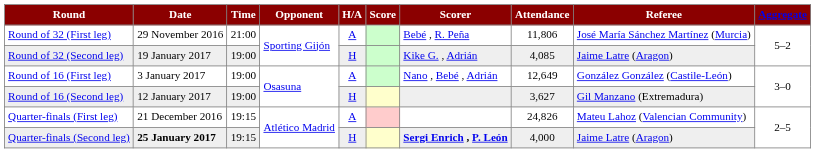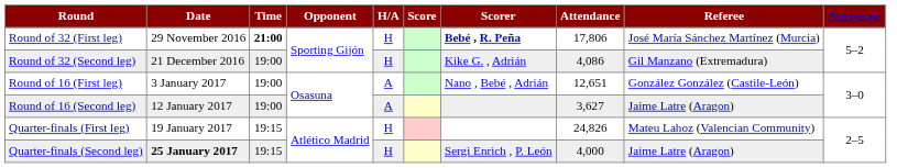 <table cellpadding="4" cellspacing="0" border="1" style="text-align: center; font-size: 85%; border: gray solid 1px; border-collapse: collapse;">
 <tr style="background:#8B0000; color:white;">
 <th>Round</th>
 <th>Date</th>
 <th>Time</th>
 <th>Opponent</th>
 <th>H/A</th>
 <th>Score</th>
 <th>Scorer</th>
 <th>Attendance</th>
 <th>Referee</th>
 <th><a href='#'>Aggregate</a></th>
 </tr>
 <tr bgcolor=>
 <td align="left"><a href='#'>Round of 32 (First leg)</a></td>
 <td align="left">29 November 2016</td>
-<td>21:00</td>
+<td><strong>21:00</strong></td>
 <td style="text-align:left;" rowspan="2"><a href='#'>Sporting Gijón</a></td>
-<td><a href='#'>A</a></td>
+<td><a href='#'>H</a></td>
 <td bgcolor="#CCFFCC"></td>
-<td align="left"><a href='#'>Bebé</a> , <a href='#'>R. Peña</a> </td>
-<td>11,806</td>
+<td align="left"><strong><a href='#'>Bebé</a> , <a href='#'>R. Peña</a> </strong></td>
+<td>17,806</td>
 <td align="left"><a href='#'>José María Sánchez Martínez</a> (<a href='#'>Murcia</a>)</td>
 <td style="text-align: center;" rowspan="2">5–2</td>
 </tr>
 <tr bgcolor="#EFEFEF">
 <td align="left"><a href='#'>Round of 32 (Second leg)</a></td>
-<td align="left">19 January 2017</td>
+<td align="left">21 December 2016</td>
 <td>19:00</td>
 <td><a href='#'>H</a></td>
 <td bgcolor="#CCFFCC"></td>
 <td align="left"><a href='#'>Kike G.</a> , <a href='#'>Adrián</a> </td>
-<td>4,085</td>
-<td align="left"><a href='#'>Jaime Latre</a> (<a href='#'>Aragon</a>)</td>
+<td>4,086</td>
+<td align="left"><a href='#'>Gil Manzano</a> (Extremadura)</td>
 </tr>
 <tr bgcolor=>
 <td align="left"><a href='#'>Round of 16 (First leg)</a></td>
 <td align="left">3 January 2017</td>
 <td>19:00</td>
 <td style="text-align:left;" rowspan="2"><a href='#'>Osasuna</a></td>
 <td><a href='#'>A</a></td>
 <td bgcolor="#CCFFCC"></td>
 <td align="left"><a href='#'>Nano</a> , <a href='#'>Bebé</a> , <a href='#'>Adrián</a> </td>
-<td>12,649</td>
+<td>12,651</td>
 <td align="left"><a href='#'>González González</a> (<a href='#'>Castile-León</a>)</td>
 <td style="text-align: center;" rowspan="2">3–0</td>
 </tr>
 <tr bgcolor="#EFEFEF">
 <td align="left"><a href='#'>Round of 16 (Second leg)</a></td>
 <td align="left">12 January 2017</td>
 <td>19:00</td>
-<td><a href='#'>H</a></td>
+<td><a href='#'>A</a></td>
 <td bgcolor="#FFFFCC"></td>
 <td align="left"></td>
 <td>3,627</td>
-<td align="left"><a href='#'>Gil Manzano</a> (Extremadura)</td>
+<td align="left"><a href='#'>Jaime Latre</a> (<a href='#'>Aragon</a>)</td>
 </tr>
 <tr bgcolor=>
 <td align="left"><a href='#'>Quarter-finals (First leg)</a></td>
-<td align="left">21 December 2016</td>
+<td align="left">19 January 2017</td>
 <td>19:15</td>
 <td style="text-align:left;" rowspan="2"><a href='#'>Atlético Madrid</a></td>
-<td><a href='#'>A</a></td>
+<td><a href='#'>H</a></td>
 <td bgcolor="#FFCCCC"></td>
 <td align="left"></td>
 <td>24,826</td>
 <td align="left"><a href='#'>Mateu Lahoz</a> (<a href='#'>Valencian Community</a>)</td>
 <td style="text-align: center;" rowspan="2">2–5</td>
 </tr>
 <tr bgcolor="#EFEFEF">
 <td align="left"><a href='#'>Quarter-finals (Second leg)</a></td>
 <td align="left"><strong>25 January 2017</strong></td>
 <td>19:15</td>
 <td><a href='#'>H</a></td>
 <td bgcolor="#FFFFCC"></td>
-<td align="left"><strong><a href='#'>Sergi Enrich</a> , <a href='#'>P. León</a> </strong></td>
+<td align="left"><a href='#'>Sergi Enrich</a> , <a href='#'>P. León</a> </td>
 <td>4,000</td>
 <td align="left"><a href='#'>Jaime Latre</a> (<a href='#'>Aragon</a>)</td>
 </tr>
 </table>
